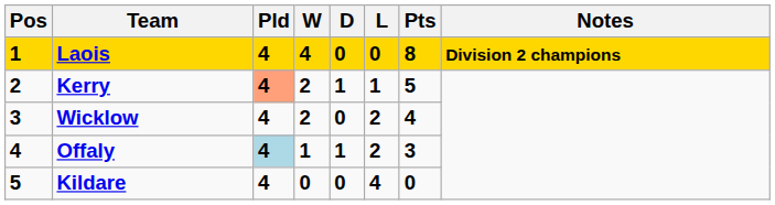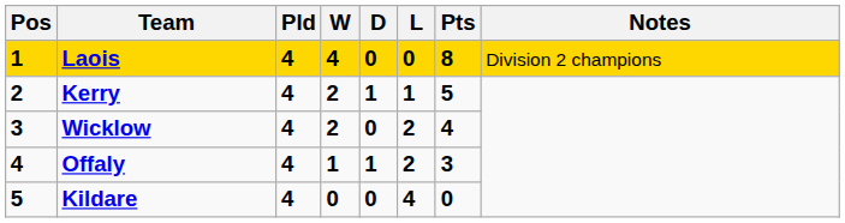 <table class="wikitable" style="text-align: centre;">
 <tr>
 <th width=20>Pos</th>
 <th width=150>Team</th>
 <th width=20>Pld</th>
 <th width=20>W</th>
 <th width=20>D</th>
 <th width=20>L</th>
 <th width=20>Pts</th>
 <th width=250>Notes</th>
 </tr>
 <tr style="background:gold;">
 <td><strong>1</strong></td>
 <td align=left><strong> <a href='#'>Laois</a> </strong></td>
 <td><strong>4</strong></td>
 <td><strong>4</strong></td>
 <td><strong>0</strong></td>
 <td><strong>0</strong></td>
 <td><strong>8</strong></td>
-<td><strong><small> Division 2 champions</small></strong></td>
+<td><small> Division 2 champions</small></td>
 </tr>
 <tr>
 <td><strong>2</strong></td>
 <td align=left><strong> <a href='#'>Kerry</a> </strong></td>
-<td style="background: lightsalmon;"><strong>4</strong></td>
+<td><strong>4</strong></td>
 <td><strong>2</strong></td>
 <td><strong>1</strong></td>
 <td><strong>1</strong></td>
 <td><strong>5</strong></td>
 </tr>
 <tr>
 <td><strong>3</strong></td>
 <td align=left><strong> <a href='#'>Wicklow</a> </strong></td>
 <td><strong>4</strong></td>
 <td><strong>2</strong></td>
 <td><strong>0</strong></td>
 <td><strong>2</strong></td>
 <td><strong>4</strong></td>
 </tr>
 <tr>
 <td><strong>4</strong></td>
 <td align=left><strong> <a href='#'>Offaly</a> </strong></td>
-<td style="background: lightblue;"><strong>4</strong></td>
+<td><strong>4</strong></td>
 <td><strong>1</strong></td>
 <td><strong>1</strong></td>
 <td><strong>2</strong></td>
 <td><strong>3</strong></td>
 </tr>
 <tr>
 <td><strong>5</strong></td>
 <td align=left><strong> <a href='#'>Kildare</a> </strong></td>
 <td><strong>4</strong></td>
 <td><strong>0</strong></td>
 <td><strong>0</strong></td>
 <td><strong>4</strong></td>
 <td><strong>0</strong></td>
 </tr>
 </table>
